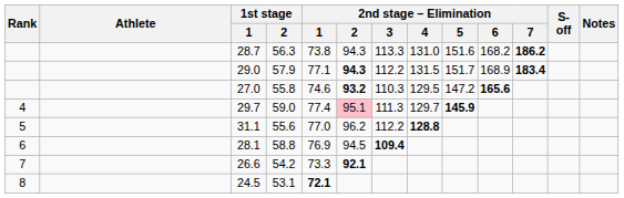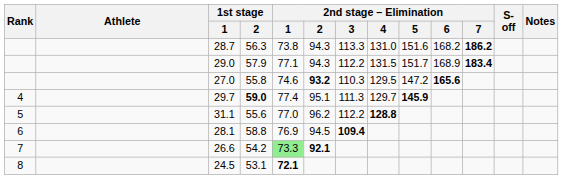 <table class="wikitable" style="text-align:center">
 <tr>
 <th rowspan=2 width=40>Rank</th>
 <th rowspan=2 width=250>Athlete</th>
 <th colspan=2>1st stage</th>
 <th colspan=7>2nd stage – Elimination</th>
 <th rowspan=2 width=35>S-off</th>
 <th rowspan=2 width=45>Notes</th>
 </tr>
 <tr>
 <th width=40>1</th>
 <th width=40>2</th>
 <th width=40>1</th>
 <th width=40>2</th>
 <th width=40>3</th>
 <th width=40>4</th>
 <th width=40>5</th>
 <th width=40>6</th>
 <th width=40>7</th>
 </tr>
 <tr>
 <td></td>
 <td align=left></td>
 <td>28.7</td>
 <td>56.3</td>
 <td>73.8</td>
 <td>94.3</td>
 <td>113.3</td>
 <td>131.0</td>
 <td>151.6</td>
 <td>168.2</td>
 <td><strong>186.2</strong></td>
 <td></td>
 <td></td>
 </tr>
 <tr>
 <td></td>
 <td align=left></td>
 <td>29.0</td>
 <td>57.9</td>
 <td>77.1</td>
-<td><strong>94.3</strong></td>
+<td>94.3</td>
 <td>112.2</td>
 <td>131.5</td>
 <td>151.7</td>
 <td>168.9</td>
 <td><strong>183.4</strong></td>
 <td></td>
 <td></td>
 </tr>
 <tr>
 <td></td>
 <td align=left></td>
 <td>27.0</td>
 <td>55.8</td>
 <td>74.6</td>
 <td><strong>93.2</strong></td>
 <td>110.3</td>
 <td>129.5</td>
 <td>147.2</td>
 <td><strong>165.6</strong></td>
 <td></td>
 <td></td>
 <td></td>
 </tr>
 <tr>
 <td>4</td>
 <td align=left></td>
 <td>29.7</td>
-<td>59.0</td>
+<td><strong>59.0</strong></td>
 <td>77.4</td>
-<td style="background: pink;">95.1</td>
+<td>95.1</td>
 <td>111.3</td>
 <td>129.7</td>
 <td><strong>145.9</strong></td>
 <td></td>
 <td></td>
 <td></td>
 <td></td>
 </tr>
 <tr>
 <td>5</td>
 <td align=left></td>
 <td>31.1</td>
 <td>55.6</td>
 <td>77.0</td>
 <td>96.2</td>
 <td>112.2</td>
 <td><strong>128.8</strong></td>
 <td></td>
 <td></td>
 <td></td>
 <td></td>
 <td></td>
 </tr>
 <tr>
 <td>6</td>
 <td align=left></td>
 <td>28.1</td>
 <td>58.8</td>
 <td>76.9</td>
 <td>94.5</td>
 <td><strong>109.4</strong></td>
 <td></td>
 <td></td>
 <td></td>
 <td></td>
 <td></td>
 <td></td>
 </tr>
 <tr>
 <td>7</td>
 <td align=left></td>
 <td>26.6</td>
 <td>54.2</td>
-<td>73.3</td>
+<td style="background: lightgreen;">73.3</td>
 <td><strong>92.1</strong></td>
 <td></td>
 <td></td>
 <td></td>
 <td></td>
 <td></td>
 <td></td>
 <td></td>
 </tr>
 <tr>
 <td>8</td>
 <td align=left></td>
 <td>24.5</td>
 <td>53.1</td>
 <td><strong>72.1</strong></td>
 <td></td>
 <td></td>
 <td></td>
 <td></td>
 <td></td>
 <td></td>
 <td></td>
 <td></td>
 </tr>
 </table>
